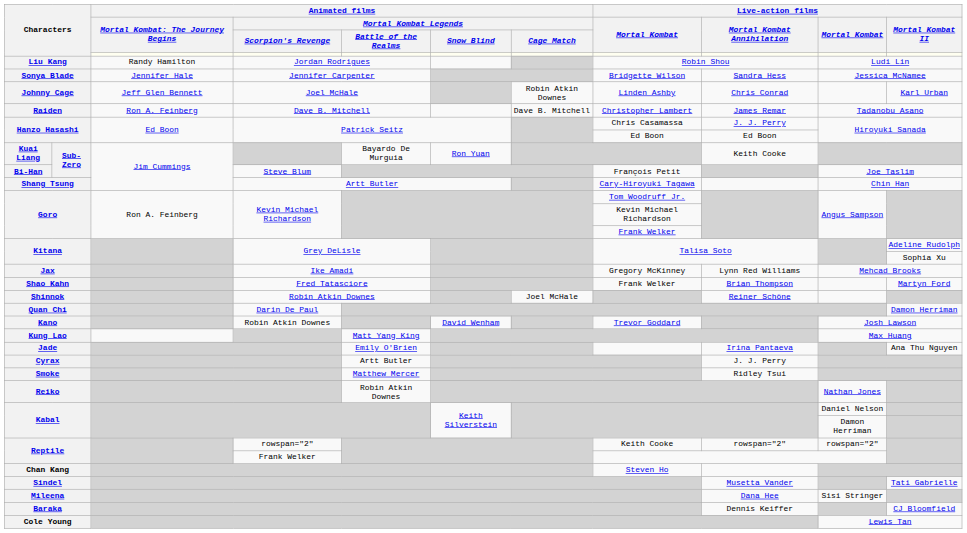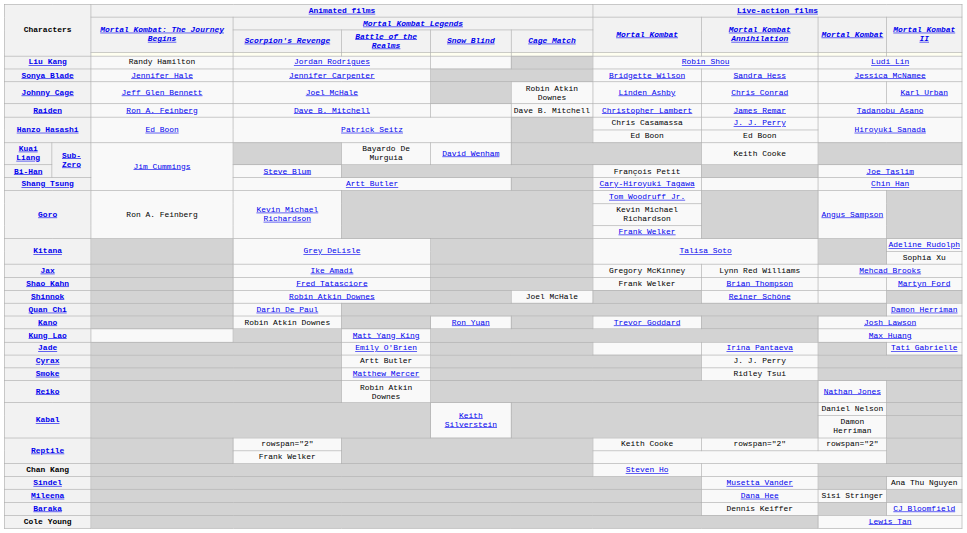 <table class="wikitable plainrowheaders" style="text-align:center;">
 <tr>
 <th rowspan="4" colspan="2">Characters</th>
 <th colspan="5"><a href='#'>Animated films</a></th>
 <th colspan="4"><a href='#'>Live-action films</a></th>
 </tr>
 <tr>
 <th rowspan="2"><a href='#'><em>Mortal Kombat: The Journey Begins</em></a></th>
 <th colspan="4"><a href='#'><em>Mortal Kombat Legends</em></a></th>
 <th rowspan="2"><a href='#'><em>Mortal Kombat</em></a></th>
 <th rowspan="2"><em><a href='#'>Mortal Kombat Annihilation</a></em></th>
 <th rowspan="2"><a href='#'><em>Mortal Kombat</em></a></th>
 <th rowspan="2"><a href='#'><em>Mortal Kombat II</em></a></th>
 </tr>
 <tr>
 <th><a href='#'><em>Scorpion's Revenge</em></a></th>
 <th><a href='#'><em>Battle of the Realms</em></a></th>
 <th><a href='#'><em>Snow Blind</em></a></th>
 <th><a href='#'><em>Cage Match</em></a></th>
 </tr>
 <tr>
 <th style="background:ivory;"></th>
 <th style="background:ivory;"></th>
 <th style="background:ivory;"></th>
 <th style="background:ivory;"></th>
 <th style="background:ivory;"></th>
 <th style="background:ivory;"></th>
 <th style="background:ivory;"></th>
 <th style="background:ivory;"></th>
 <th style="background:ivory;"></th>
 </tr>
 <tr>
 <th colspan="2"><a href='#'>Liu Kang</a></th>
 <td>Randy Hamilton</td>
 <td colspan="2"><a href='#'>Jordan Rodrigues</a></td>
 <td></td>
 <td style=background-color:#D3D3D3></td>
 <td colspan="2"><a href='#'>Robin Shou</a></td>
 <td colspan="2"><a href='#'>Ludi Lin</a></td>
 </tr>
 <tr>
 <th colspan="2"><a href='#'>Sonya Blade</a></th>
 <td><a href='#'>Jennifer Hale</a></td>
 <td colspan="2"><a href='#'>Jennifer Carpenter</a></td>
 <td colspan="2" style=background-color:#D3D3D3></td>
 <td><a href='#'>Bridgette Wilson</a></td>
 <td><a href='#'>Sandra Hess</a></td>
 <td colspan="2"><a href='#'>Jessica McNamee</a></td>
 </tr>
 <tr>
 <th colspan="2"><a href='#'>Johnny Cage</a></th>
 <td><a href='#'>Jeff Glen Bennett</a></td>
 <td colspan="2"><a href='#'>Joel McHale</a></td>
 <td style=background-color:#D3D3D3></td>
 <td>Robin Atkin Downes</td>
 <td><a href='#'>Linden Ashby</a></td>
 <td><a href='#'>Chris Conrad</a></td>
 <td></td>
 <td><a href='#'>Karl Urban</a></td>
 </tr>
 <tr>
 <th colspan="2"><a href='#'>Raiden</a></th>
 <td><a href='#'>Ron A. Feinberg</a></td>
 <td colspan="2"><a href='#'>Dave B. Mitchell</a></td>
 <td></td>
 <td>Dave B. Mitchell</td>
 <td><a href='#'>Christopher Lambert</a></td>
 <td><a href='#'>James Remar</a></td>
 <td colspan="2"><a href='#'>Tadanobu Asano</a></td>
 </tr>
 <tr>
 <th rowspan="2" colspan="2"><a href='#'>Hanzo Hasashi<br></a></th>
 <td rowspan="2"><a href='#'>Ed Boon</a></td>
 <td colspan="3" rowspan="2"><a href='#'>Patrick Seitz</a></td>
 <td rowspan="2" style=background-color:#D3D3D3></td>
 <td>Chris Casamassa</td>
 <td><a href='#'>J. J. Perry</a></td>
 <td colspan="2" rowspan="2"><a href='#'>Hiroyuki Sanada</a></td>
 </tr>
 <tr>
 <td>Ed Boon</td>
 <td>Ed Boon</td>
 </tr>
 <tr>
 <th><a href='#'>Kuai Liang</a></th>
 <th rowspan="2"><a href='#'>Sub-Zero</a></th>
 <td rowspan="3"><a href='#'>Jim Cummings</a></td>
 <td style=background-color:#D3D3D3></td>
 <td>Bayardo De Murguia</td>
-<td><a href='#'>Ron Yuan</a></td>
+<td><a href='#'>David Wenham</a></td>
 <td colspan="2" style=background-color:#D3D3D3></td>
 <td>Keith Cooke</td>
 <td colspan="2" style=background-color:#D3D3D3></td>
 </tr>
 <tr>
 <th><a href='#'>Bi-Han</a></th>
 <td><a href='#'>Steve Blum</a></td>
 <td colspan="3" style=background-color:#D3D3D3></td>
 <td>François Petit</td>
 <td style=background-color:#D3D3D3></td>
 <td colspan="2"><a href='#'>Joe Taslim</a></td>
 </tr>
 <tr>
 <th colspan="2"><a href='#'>Shang Tsung</a></th>
 <td colspan="3"><a href='#'>Artt Butler</a></td>
 <td style=background-color:#D3D3D3></td>
 <td><a href='#'>Cary-Hiroyuki Tagawa</a></td>
 <td></td>
 <td colspan="2"><a href='#'>Chin Han</a></td>
 </tr>
 <tr>
 <th rowspan="3" colspan="2"><a href='#'>Goro</a></th>
 <td rowspan="3">Ron A. Feinberg</td>
 <td rowspan="3"><a href='#'>Kevin Michael Richardson</a></td>
 <td colspan="3" rowspan="3" style=background-color:#D3D3D3></td>
 <td><a href='#'>Tom Woodruff Jr.</a></td>
 <td rowspan="3" style=background-color:#D3D3D3></td>
 <td rowspan="3"><a href='#'>Angus Sampson</a></td>
 <td colspan="3" rowspan="3" style=background-color:#D3D3D3></td>
 </tr>
 <tr>
 <td>Kevin Michael Richardson</td>
 </tr>
 <tr>
 <td><a href='#'>Frank Welker</a></td>
 </tr>
 <tr>
 <th rowspan="2" colspan="2"><a href='#'>Kitana</a></th>
 <td rowspan="2" style=background-color:#D3D3D3></td>
 <td rowspan="2" colspan="2"><a href='#'>Grey DeLisle</a></td>
 <td rowspan="2" colspan="2" style=background-color:#D3D3D3></td>
 <td rowspan="2" colspan="2"><a href='#'>Talisa Soto</a></td>
 <td rowspan="2" style=background-color:#D3D3D3></td>
 <td><a href='#'>Adeline Rudolph</a></td>
 </tr>
 <tr>
 <td>Sophia Xu</td>
 </tr>
 <tr>
 <th colspan="2"><a href='#'>Jax</a></th>
 <td style=background-color:#D3D3D3></td>
 <td colspan="2"><a href='#'>Ike Amadi</a></td>
 <td colspan="2" style=background-color:#D3D3D3></td>
 <td>Gregory McKinney</td>
 <td>Lynn Red Williams</td>
 <td colspan="2"><a href='#'>Mehcad Brooks</a></td>
 </tr>
 <tr>
 <th colspan="2"><a href='#'>Shao Kahn</a></th>
 <td style=background-color:#D3D3D3></td>
 <td colspan="2"><a href='#'>Fred Tatasciore</a></td>
 <td colspan="2" style=background-color:#D3D3D3></td>
 <td>Frank Welker</td>
 <td><a href='#'>Brian Thompson</a></td>
 <td></td>
 <td><a href='#'>Martyn Ford</a></td>
 </tr>
 <tr>
 <th colspan="2"><a href='#'>Shinnok</a></th>
 <td style=background-color:#D3D3D3></td>
 <td colspan="2"><a href='#'>Robin Atkin Downes</a></td>
 <td style=background-color:#D3D3D3></td>
 <td>Joel McHale</td>
 <td style=background-color:#D3D3D3></td>
 <td><a href='#'>Reiner Schöne</a></td>
 <td></td>
 <td style=background-color:#D3D3D3></td>
 </tr>
 <tr>
 <th colspan="2"><a href='#'>Quan Chi</a></th>
 <td style=background-color:#D3D3D3></td>
 <td><a href='#'>Darin De Paul</a></td>
 <td colspan="6" style=background-color:#D3D3D3></td>
 <td><a href='#'>Damon Herriman</a></td>
 </tr>
 <tr>
 <th colspan="2"><a href='#'>Kano</a></th>
 <td style=background-color:#D3D3D3></td>
 <td>Robin Atkin Downes</td>
 <td style=background-color:#D3D3D3></td>
-<td><a href='#'>David Wenham</a></td>
+<td><a href='#'>Ron Yuan</a></td>
 <td style=background-color:#D3D3D3></td>
 <td><a href='#'>Trevor Goddard</a></td>
 <td style=background-color:#D3D3D3></td>
 <td colspan="2"><a href='#'>Josh Lawson</a></td>
 </tr>
 <tr>
 <th colspan="2"><a href='#'>Kung Lao</a></th>
 <td></td>
 <td style=background-color:#D3D3D3></td>
 <td><a href='#'>Matt Yang King</a></td>
 <td colspan="4" style=background-color:#D3D3D3></td>
 <td colspan="2"><a href='#'>Max Huang</a></td>
 </tr>
 <tr>
 <th colspan="2"><a href='#'>Jade</a></th>
 <td colspan="2" style=background-color:#D3D3D3></td>
 <td><a href='#'>Emily O'Brien</a></td>
 <td colspan="2" style=background-color:#D3D3D3></td>
 <td></td>
 <td><a href='#'>Irina Pantaeva</a></td>
 <td style=background-color:#D3D3D3></td>
-<td>Ana Thu Nguyen</td>
+<td><a href='#'>Tati Gabrielle</a></td>
 </tr>
 <tr>
 <th colspan="2"><a href='#'>Cyrax</a></th>
 <td colspan="2" style=background-color:#D3D3D3></td>
 <td>Artt Butler</td>
 <td colspan="3" style=background-color:#D3D3D3></td>
 <td>J. J. Perry</td>
 <td colspan="2" style=background-color:#D3D3D3></td>
 </tr>
 <tr>
 <th colspan="2"><a href='#'>Smoke</a></th>
 <td colspan="2" style=background-color:#D3D3D3></td>
 <td><a href='#'>Matthew Mercer</a></td>
 <td colspan="3" style=background-color:#D3D3D3></td>
 <td>Ridley Tsui</td>
 <td colspan="2" style=background-color:#D3D3D3></td>
 </tr>
 <tr>
 <th colspan="2"><a href='#'>Reiko</a></th>
 <td colspan="2" style=background-color:#D3D3D3></td>
 <td>Robin Atkin Downes</td>
 <td colspan="4" style=background-color:#D3D3D3></td>
 <td><a href='#'>Nathan Jones</a></td>
 <td style=background-color:#D3D3D3></td>
 </tr>
 <tr>
 <th rowspan="2" colspan="2"><a href='#'>Kabal</a></th>
 <td rowspan="2" colspan="3" style=background-color:#D3D3D3></td>
 <td rowspan="2"><a href='#'>Keith Silverstein</a></td>
 <td rowspan="2" colspan="3" style=background-color:#D3D3D3></td>
 <td>Daniel Nelson</td>
 <td style=background-color:#D3D3D3></td>
 </tr>
 <tr>
 <td>Damon Herriman</td>
 <td style=background-color:#D3D3D3></td>
 </tr>
 <tr>
 <th rowspan="2" colspan="2"><a href='#'>Reptile</a></th>
 <td rowspan="2" style=background-color:#D3D3D3></td>
 <td>rowspan="2" </td>
 <td colspan="3" rowspan="2" style=background-color:#D3D3D3></td>
 <td>Keith Cooke</td>
 <td>rowspan="2" </td>
 <td>rowspan="2" </td>
 <td colspan="3" rowspan="2" style=background-color:#D3D3D3></td>
 </tr>
 <tr>
 <td>Frank Welker</td>
 </tr>
 <tr>
 <th colspan="2">Chan Kang</th>
 <td colspan="5" style=background-color:#D3D3D3></td>
 <td><a href='#'>Steven Ho</a></td>
 <td></td>
 <td colspan="2" style=background-color:#D3D3D3></td>
 </tr>
 <tr>
 <th colspan="2"><a href='#'>Sindel</a></th>
 <td colspan="6" style=background-color:#D3D3D3></td>
 <td><a href='#'>Musetta Vander</a></td>
 <td style=background-color:#D3D3D3></td>
-<td><a href='#'>Tati Gabrielle</a></td>
+<td>Ana Thu Nguyen</td>
 </tr>
 <tr>
 <th colspan="2"><a href='#'>Mileena</a></th>
 <td colspan="6" style=background-color:#D3D3D3></td>
 <td><a href='#'>Dana Hee</a></td>
 <td>Sisi Stringer</td>
 <td style=background-color:#D3D3D3></td>
 </tr>
 <tr>
 <th colspan="2"><a href='#'>Baraka</a></th>
 <td colspan="6" style=background-color:#D3D3D3></td>
 <td>Dennis Keiffer</td>
 <td style=background-color:#D3D3D3></td>
 <td><a href='#'>CJ Bloomfield</a></td>
 </tr>
 <tr>
 <th colspan="2">Cole Young</th>
 <td colspan="7" style=background-color:#D3D3D3></td>
 <td colspan="2"><a href='#'>Lewis Tan</a></td>
 </tr>
 </table>
